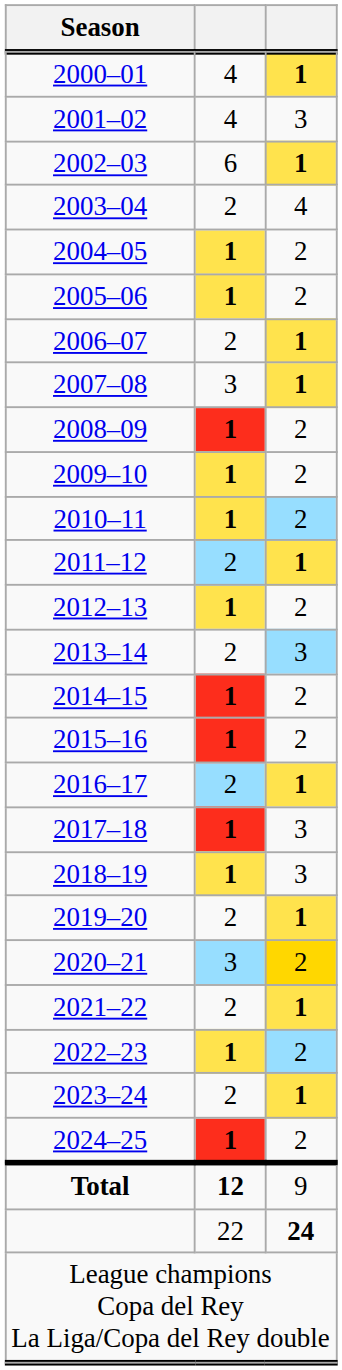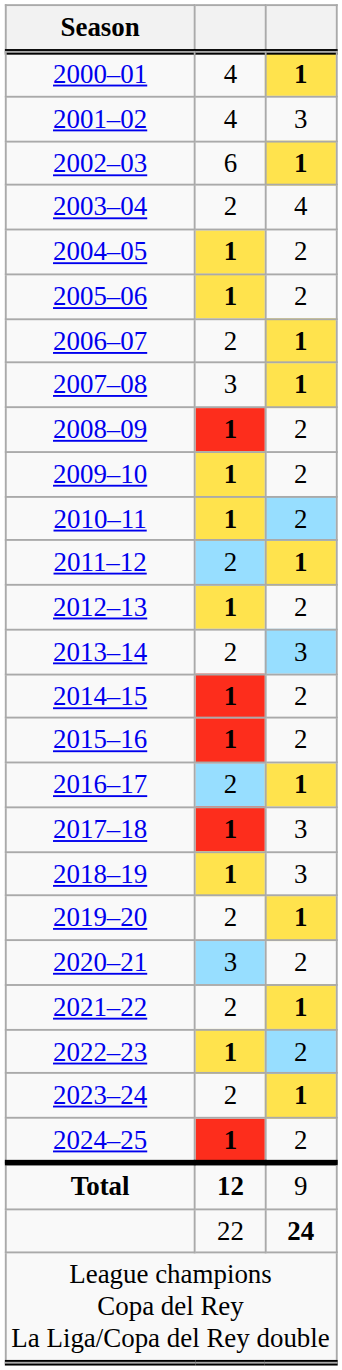 <table class="wikitable sortable" style="text-align:center; font-size:90%; float:right; margin-left:1em">
 <tr>
 <th>Season</th>
 <th></th>
 <th></th>
 </tr>
 <tr style="border-top:3px solid black">
 </tr>
 <tr>
 <td><a href='#'>2000–01</a></td>
 <td>4</td>
 <td style="background: #FFE34D;"><strong>1</strong></td>
 </tr>
 <tr>
 <td><a href='#'>2001–02</a></td>
 <td>4</td>
 <td>3</td>
 </tr>
 <tr>
 <td><a href='#'>2002–03</a></td>
 <td>6</td>
 <td style="background: #FFE34D;"><strong>1</strong></td>
 </tr>
 <tr>
 <td><a href='#'>2003–04</a></td>
 <td>2</td>
 <td>4</td>
 </tr>
 <tr>
 <td><a href='#'>2004–05</a></td>
 <td style="background: #FFE34D;"><strong>1</strong></td>
 <td>2</td>
 </tr>
 <tr>
 <td><a href='#'>2005–06</a></td>
 <td style="background: #FFE34D;"><strong>1</strong></td>
 <td>2</td>
 </tr>
 <tr>
 <td><a href='#'>2006–07</a></td>
 <td>2</td>
 <td style="background: #FFE34D;"><strong>1</strong></td>
 </tr>
 <tr>
 <td><a href='#'>2007–08</a></td>
 <td>3</td>
 <td style="background: #FFE34D;"><strong>1</strong></td>
 </tr>
 <tr>
 <td><a href='#'>2008–09</a></td>
 <td style="background: #FD2D1C;"><strong>1</strong></td>
 <td>2</td>
 </tr>
 <tr>
 <td><a href='#'>2009–10</a></td>
 <td style="background: #FFE34D;"><strong>1</strong></td>
 <td>2</td>
 </tr>
 <tr>
 <td><a href='#'>2010–11</a></td>
 <td style="background: #FFE34D;"><strong>1</strong></td>
 <td style="background: #97DEFF;">2</td>
 </tr>
 <tr>
 <td><a href='#'>2011–12</a></td>
 <td style="background: #97DEFF;">2</td>
 <td style="background: #FFE34D;"><strong>1</strong></td>
 </tr>
 <tr>
 <td><a href='#'>2012–13</a></td>
 <td style="background: #FFE34D;"><strong>1</strong></td>
 <td>2</td>
 </tr>
 <tr>
 <td><a href='#'>2013–14</a></td>
 <td>2</td>
 <td style="background: #97DEFF;">3</td>
 </tr>
 <tr>
 <td><a href='#'>2014–15</a></td>
 <td style="background: #FD2D1C;"><strong>1</strong></td>
 <td>2</td>
 </tr>
 <tr>
 <td><a href='#'>2015–16</a></td>
 <td style="background: #FD2D1C;"><strong>1</strong></td>
 <td>2</td>
 </tr>
 <tr>
 <td><a href='#'>2016–17</a></td>
 <td style="background: #97DEFF;">2</td>
 <td style="background: #FFE34D;"><strong>1</strong></td>
 </tr>
 <tr>
 <td><a href='#'>2017–18</a></td>
 <td style="background: #FD2D1C;"><strong>1</strong></td>
 <td>3</td>
 </tr>
 <tr>
 <td><a href='#'>2018–19</a></td>
 <td style="background: #FFE34D;"><strong>1</strong></td>
 <td>3</td>
 </tr>
 <tr>
 <td><a href='#'>2019–20</a></td>
 <td>2</td>
 <td style="background: #FFE34D;"><strong>1</strong></td>
 </tr>
 <tr>
 <td><a href='#'>2020–21</a></td>
 <td style="background: #97DEFF;">3</td>
-<td style="background: gold;">2</td>
+<td>2</td>
 </tr>
 <tr>
 <td><a href='#'>2021–22</a></td>
 <td>2</td>
 <td style="background: #FFE34D;"><strong>1</strong></td>
 </tr>
 <tr>
 <td><a href='#'>2022–23</a></td>
 <td style="background: #FFE34D;"><strong>1</strong></td>
 <td style="background: #97DEFF;">2</td>
 </tr>
 <tr>
 <td><a href='#'>2023–24</a></td>
 <td>2</td>
 <td style="background: #FFE34D;"><strong>1</strong></td>
 </tr>
 <tr>
 <td><a href='#'>2024–25</a></td>
 <td style="background: #FD2D1C;"><strong>1</strong></td>
 <td>2</td>
 </tr>
 <tr>
 </tr>
 <tr style="border-top:3px solid black" class="sortbottom">
 <td><strong>Total</strong></td>
 <td><strong>12</strong></td>
 <td>9</td>
 </tr>
 <tr class="sortbottom">
 <td><strong></strong></td>
 <td>22</td>
 <td><strong>24</strong></td>
 </tr>
 <tr class="sortbottom">
 <td colspan="7"> League champions<br> Copa del Rey<br> La Liga/Copa del Rey double</td>
 </tr>
 <tr style="border-top:3px solid black" class="sortbottom">
 </tr>
 </table>
